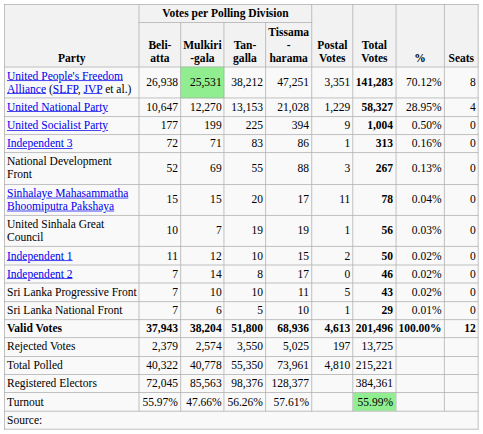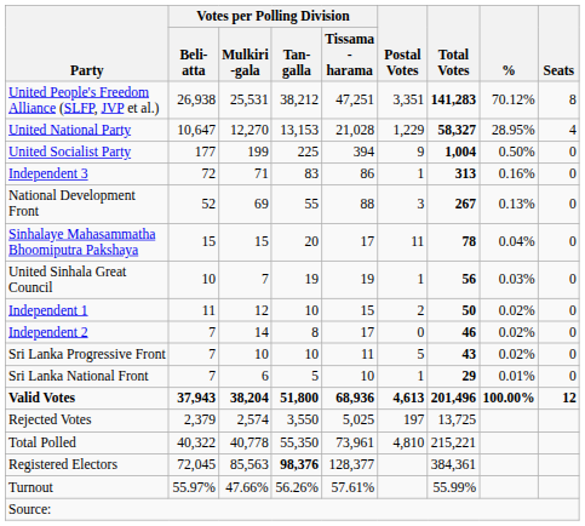 <table class="wikitable" style="text-align:right;">
 <tr>
 <th align=left valign=bottom rowspan=2 width="180">Party</th>
 <th colspan=4>Votes per Polling Division</th>
 <th align=center valign=bottom rowspan=2 width="50">Postal<br>Votes</th>
 <th align=center valign=bottom rowspan=2 width="50">Total Votes</th>
 <th align=center valign=bottom rowspan=2 width="50">%</th>
 <th align=center valign=bottom rowspan=2 width="40">Seats</th>
 </tr>
 <tr>
 <th align=center valign=bottom width="50">Beli-<br>atta</th>
 <th align=center valign=bottom width="50">Mulkiri<br>-gala</th>
 <th align=center valign=bottom width="50">Tan-<br>galla</th>
 <th align=center valign=bottom width="50">Tissama<br>-harama</th>
 </tr>
 <tr>
 <td align=left><a href='#'>United People's Freedom Alliance</a> (<a href='#'>SLFP</a>, <a href='#'>JVP</a> et al.)</td>
 <td>26,938</td>
-<td style="background: lightgreen;">25,531</td>
+<td>25,531</td>
 <td>38,212</td>
 <td>47,251</td>
 <td>3,351</td>
 <td><strong>141,283</strong></td>
 <td>70.12%</td>
 <td>8</td>
 </tr>
 <tr>
 <td align=left><a href='#'>United National Party</a></td>
 <td>10,647</td>
 <td>12,270</td>
 <td>13,153</td>
 <td>21,028</td>
 <td>1,229</td>
 <td><strong>58,327</strong></td>
 <td>28.95%</td>
 <td>4</td>
 </tr>
 <tr>
 <td align=left><a href='#'>United Socialist Party</a></td>
 <td>177</td>
 <td>199</td>
 <td>225</td>
 <td>394</td>
 <td>9</td>
 <td><strong>1,004</strong></td>
 <td>0.50%</td>
 <td>0</td>
 </tr>
 <tr>
 <td align=left><a href='#'>Independent 3</a></td>
 <td>72</td>
 <td>71</td>
 <td>83</td>
 <td>86</td>
 <td>1</td>
 <td><strong>313</strong></td>
 <td>0.16%</td>
 <td>0</td>
 </tr>
 <tr>
 <td align=left>National Development Front</td>
 <td>52</td>
 <td>69</td>
 <td>55</td>
 <td>88</td>
 <td>3</td>
 <td><strong>267</strong></td>
 <td>0.13%</td>
 <td>0</td>
 </tr>
 <tr>
 <td align=left><a href='#'>Sinhalaye Mahasammatha Bhoomiputra Pakshaya</a></td>
 <td>15</td>
 <td>15</td>
 <td>20</td>
 <td>17</td>
 <td>11</td>
 <td><strong>78</strong></td>
 <td>0.04%</td>
 <td>0</td>
 </tr>
 <tr>
 <td align=left>United Sinhala Great Council</td>
 <td>10</td>
 <td>7</td>
 <td>19</td>
 <td>19</td>
 <td>1</td>
 <td><strong>56</strong></td>
 <td>0.03%</td>
 <td>0</td>
 </tr>
 <tr>
 <td align=left><a href='#'>Independent 1</a></td>
 <td>11</td>
 <td>12</td>
 <td>10</td>
 <td>15</td>
 <td>2</td>
 <td><strong>50</strong></td>
 <td>0.02%</td>
 <td>0</td>
 </tr>
 <tr>
 <td align=left><a href='#'>Independent 2</a></td>
 <td>7</td>
 <td>14</td>
 <td>8</td>
 <td>17</td>
 <td>0</td>
 <td><strong>46</strong></td>
 <td>0.02%</td>
 <td>0</td>
 </tr>
 <tr>
 <td align=left>Sri Lanka Progressive Front</td>
 <td>7</td>
 <td>10</td>
 <td>10</td>
 <td>11</td>
 <td>5</td>
 <td><strong>43</strong></td>
 <td>0.02%</td>
 <td>0</td>
 </tr>
 <tr>
 <td align=left>Sri Lanka National Front</td>
 <td>7</td>
 <td>6</td>
 <td>5</td>
 <td>10</td>
 <td>1</td>
 <td><strong>29</strong></td>
 <td>0.01%</td>
 <td>0</td>
 </tr>
 <tr>
 <td align=left><strong>Valid Votes</strong></td>
 <td><strong>37,943</strong></td>
 <td><strong>38,204</strong></td>
 <td><strong>51,800</strong></td>
 <td><strong>68,936</strong></td>
 <td><strong>4,613</strong></td>
 <td><strong>201,496</strong></td>
 <td><strong>100.00%</strong></td>
 <td><strong>12</strong></td>
 </tr>
 <tr>
 <td align=left>Rejected Votes</td>
 <td>2,379</td>
 <td>2,574</td>
 <td>3,550</td>
 <td>5,025</td>
 <td>197</td>
 <td>13,725</td>
 <td></td>
 <td></td>
 </tr>
 <tr>
 <td align=left>Total Polled</td>
 <td>40,322</td>
 <td>40,778</td>
 <td>55,350</td>
 <td>73,961</td>
 <td>4,810</td>
 <td>215,221</td>
 <td></td>
 <td></td>
 </tr>
 <tr>
 <td align=left>Registered Electors</td>
 <td>72,045</td>
 <td>85,563</td>
-<td>98,376</td>
+<td><strong>98,376</strong></td>
 <td>128,377</td>
 <td></td>
 <td>384,361</td>
 <td></td>
 <td></td>
 </tr>
 <tr>
 <td align=left>Turnout</td>
 <td>55.97%</td>
 <td>47.66%</td>
 <td>56.26%</td>
 <td>57.61%</td>
 <td></td>
-<td style="background: lightgreen;">55.99%</td>
+<td>55.99%</td>
 <td></td>
 <td></td>
 </tr>
 <tr>
 <td align=left colspan=10>Source:</td>
 </tr>
 </table>
